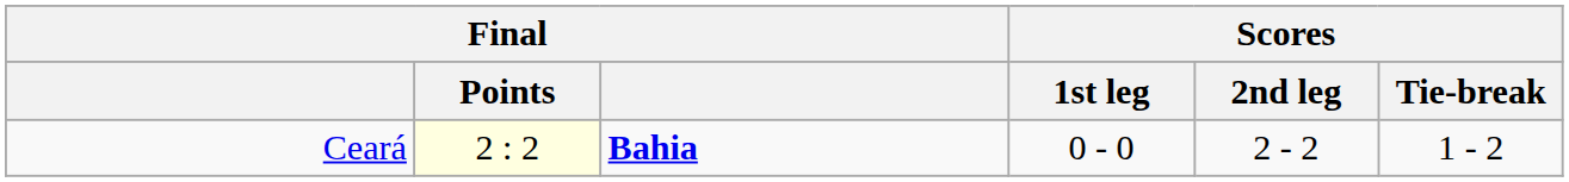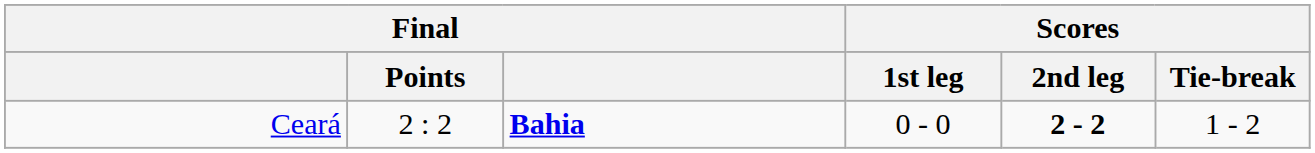 <table class="wikitable" style="text-align:center;">
 <tr>
 <th colspan=3>Final</th>
 <th colspan=3>Scores</th>
 </tr>
 <tr>
 <th width="175"></th>
 <th width="75">Points</th>
 <th width="175"></th>
 <th width="75">1st leg</th>
 <th width="75">2nd leg</th>
 <th width="75">Tie-break</th>
 </tr>
 <tr>
 <td align=right><a href='#'>Ceará</a></td>
-<td style="background: lightyellow;">2 : 2</td>
+<td>2 : 2</td>
 <td align=left><strong><a href='#'>Bahia</a></strong></td>
 <td>0 - 0</td>
-<td>2 - 2</td>
+<td><strong>2 - 2</strong></td>
 <td>1 - 2</td>
 </tr>
 </table>
